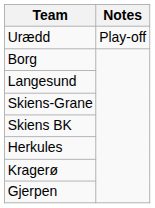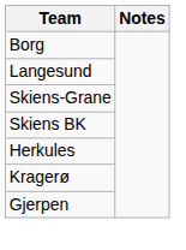 <table class="wikitable">
 <tr>
 <th>Team</th>
 <th>Notes</th>
-</tr>
-<tr>
-<td>Urædd</td>
-<td>Play-off</td>
 </tr>
 <tr>
 <td>Borg</td>
 </tr>
 <tr>
 <td>Langesund</td>
 </tr>
 <tr>
 <td>Skiens-Grane</td>
 </tr>
 <tr>
 <td>Skiens BK</td>
 </tr>
 <tr>
 <td>Herkules</td>
 </tr>
 <tr>
 <td>Kragerø</td>
 </tr>
 <tr>
 <td>Gjerpen</td>
 </tr>
 </table>
